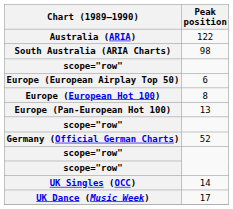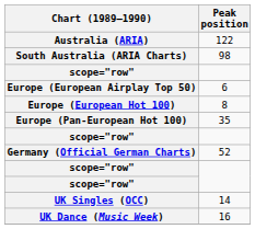 <table class="wikitable sortable plainrowheaders">
 <tr>
 <th>Chart (1989–1990)</th>
 <th>Peak<br>position</th>
 </tr>
 <tr>
 <th scope="row">Australia (<a href='#'>ARIA</a>)</th>
 <td align="center">122</td>
 </tr>
 <tr>
 <th scope="row">South Australia (ARIA Charts)</th>
 <td align="center">98</td>
 </tr>
 <tr>
 <th>scope="row"</th>
 </tr>
 <tr>
 <th scope="row">Europe (European Airplay Top 50)</th>
 <td align="center">6</td>
 </tr>
 <tr>
 <th scope="row">Europe (<a href='#'>European Hot 100</a>)</th>
 <td align="center">8</td>
 </tr>
 <tr>
 <th scope="row">Europe (Pan-European Hot 100)</th>
-<td align="center">13</td>
+<td align="center">35</td>
 </tr>
 <tr>
 <th>scope="row"</th>
 </tr>
 <tr>
 <th scope="row">Germany (<a href='#'>Official German Charts</a>)</th>
 <td style="text-align:center;">52</td>
 </tr>
 <tr>
 <th>scope="row"</th>
 </tr>
 <tr>
 <th>scope="row"</th>
 </tr>
 <tr>
 <th scope="row"><a href='#'>UK Singles</a> (<a href='#'>OCC</a>)</th>
 <td style="text-align:center;">14</td>
 </tr>
 <tr>
 <th scope="row"><a href='#'>UK Dance</a> (<em><a href='#'>Music Week</a></em>)</th>
-<td align="center">17</td>
+<td align="center">16</td>
 </tr>
 <tr>
 </tr>
 </table>
